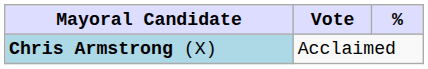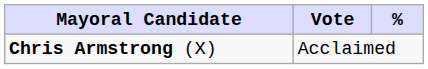 <table class="wikitable">
 <tr>
 <th style="background:#ddf; width:200px;">Mayoral Candidate</th>
 <th style="background:#ddf; width:50px;">Vote</th>
 <th style="background:#ddf; width:30px;">%</th>
 </tr>
 <tr>
-<td style="background: lightblue;"><strong>Chris Armstrong</strong> (X)</td>
+<td><strong>Chris Armstrong</strong> (X)</td>
 <td colspan="2">Acclaimed</td>
 </tr>
 </table>
